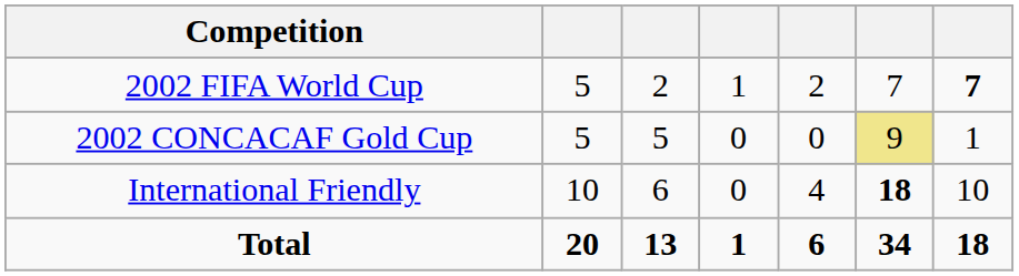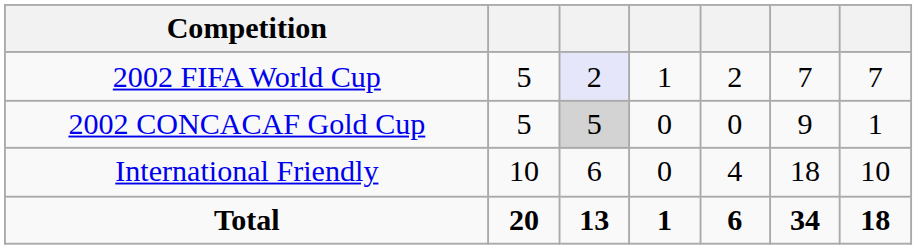 <table class="wikitable" style="text-align: center;">
 <tr>
 <th width=250>Competition</th>
 <th width=30></th>
 <th width=30></th>
 <th width=30></th>
 <th width=30></th>
 <th width=30></th>
 <th width=30></th>
 </tr>
 <tr>
 <td><a href='#'>2002 FIFA World Cup</a></td>
 <td>5</td>
-<td>2</td>
+<td style="background: lavender;">2</td>
 <td>1</td>
 <td>2</td>
 <td>7</td>
-<td><strong>7</strong></td>
+<td>7</td>
 </tr>
 <tr>
 <td><a href='#'>2002 CONCACAF Gold Cup</a></td>
 <td>5</td>
-<td>5</td>
+<td style="background: lightgrey;">5</td>
 <td>0</td>
 <td>0</td>
-<td style="background: khaki;">9</td>
+<td>9</td>
 <td>1</td>
 </tr>
 <tr>
 <td><a href='#'>International Friendly</a></td>
 <td>10</td>
 <td>6</td>
 <td>0</td>
 <td>4</td>
-<td><strong>18</strong></td>
+<td>18</td>
 <td>10</td>
 </tr>
 <tr>
 <td><strong>Total</strong></td>
 <td><strong>20</strong></td>
 <td><strong>13</strong></td>
 <td><strong>1</strong></td>
 <td><strong>6</strong></td>
 <td><strong>34</strong></td>
 <td><strong>18</strong></td>
 </tr>
 </table>
